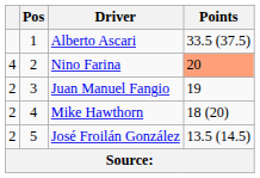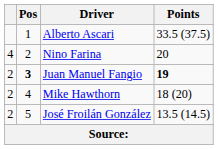 <table class="wikitable" style="font-size: 95%;">
 <tr>
 <th></th>
 <th>Pos</th>
 <th>Driver</th>
 <th>Points</th>
 </tr>
 <tr>
 <td align="left"></td>
 <td align="center">1</td>
 <td> <a href='#'>Alberto Ascari</a></td>
 <td align="left">33.5 (37.5)</td>
 </tr>
 <tr>
 <td align="left"> 4</td>
 <td align="center">2</td>
 <td> <a href='#'>Nino Farina</a></td>
-<td align="left" style="background: lightsalmon;">20</td>
+<td align="left">20</td>
 </tr>
 <tr>
 <td align="left"> 2</td>
-<td align="center">3</td>
+<td align="center"><strong>3</strong></td>
 <td> <a href='#'>Juan Manuel Fangio</a></td>
-<td align="left">19</td>
+<td align="left"><strong>19</strong></td>
 </tr>
 <tr>
 <td align="left"> 2</td>
 <td align="center">4</td>
 <td> <a href='#'>Mike Hawthorn</a></td>
 <td align="left">18 (20)</td>
 </tr>
 <tr>
 <td align="left"> 2</td>
 <td align="center">5</td>
 <td> <a href='#'>José Froilán González</a></td>
 <td align="left">13.5 (14.5)</td>
 </tr>
 <tr>
 <th colspan=4>Source: </th>
 </tr>
 </table>
